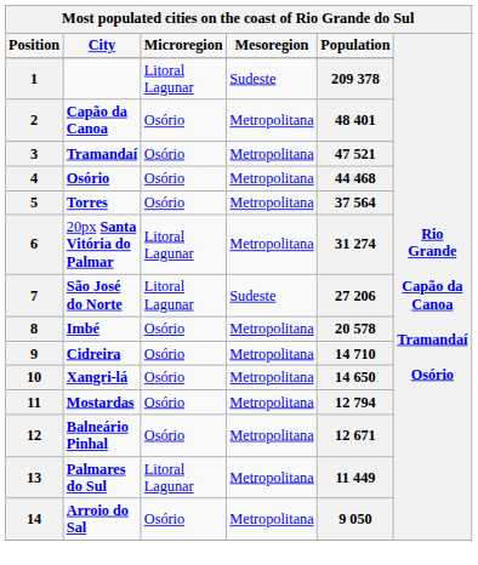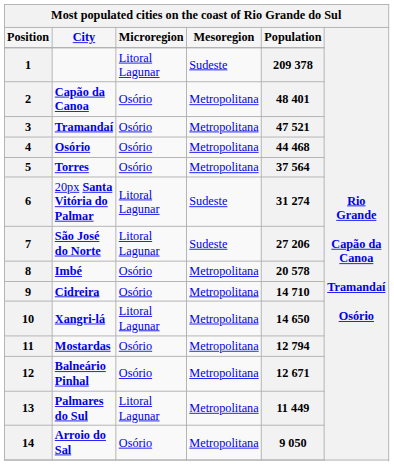 <table class="wikitable" style="margin:1em auto; text-align:center; width:60%; font-size:90%;">
 <tr>
 <th colspan="12" style="padding:0.3em 0; line-height:1.2em;">Most populated cities on the coast of Rio Grande do Sul</th>
 </tr>
 <tr>
 <th align=center style="background:#f5f5f5;">Position</th>
 <th align=center style="background:#f5f5f5;"><a href='#'>City</a></th>
 <th align=center style="background:#f5f5f5;">Microregion</th>
 <th align=center style="background:#f5f5f5;">Mesoregion</th>
 <th align=center style="background:#f5f5f5;">Population</th>
 <th rowspan=20><br><br><a href='#'>Rio Grande</a><br><br><a href='#'>Capão da Canoa</a><br><br><a href='#'>Tramandaí</a><br><br><a href='#'>Osório</a></th>
 </tr>
 <tr>
 </tr>
 <tr>
 <th>1</th>
 <td align=left><strong></strong></td>
 <td align=left><a href='#'>Litoral Lagunar</a></td>
 <td align=left><a href='#'>Sudeste</a></td>
 <th>209 378</th>
 </tr>
 <tr>
 <th>2</th>
 <td align=left> <strong><a href='#'>Capão da Canoa</a></strong></td>
 <td align=left><a href='#'>Osório</a></td>
 <td align=left><a href='#'>Metropolitana</a></td>
 <th>48 401</th>
 </tr>
 <tr>
 <th>3</th>
 <td align=left> <strong><a href='#'>Tramandaí</a></strong></td>
 <td align=left><a href='#'>Osório</a></td>
 <td align=left><a href='#'>Metropolitana</a></td>
 <th>47 521</th>
 </tr>
 <tr>
 <th>4</th>
 <td align=left> <strong><a href='#'>Osório</a></strong></td>
 <td align=left><a href='#'>Osório</a></td>
 <td align=left><a href='#'>Metropolitana</a></td>
 <th>44 468</th>
 </tr>
 <tr>
 <th>5</th>
 <td align=left> <strong><a href='#'>Torres</a></strong></td>
 <td align=left><a href='#'>Osório</a></td>
 <td align=left><a href='#'>Metropolitana</a></td>
 <th>37 564</th>
 </tr>
 <tr>
 <th>6</th>
 <td align=left><a href='#'>20px</a> <strong><a href='#'>Santa Vitória do Palmar</a></strong></td>
 <td align=left><a href='#'>Litoral Lagunar</a></td>
-<td align=left><a href='#'>Metropolitana</a></td>
+<td align=left><a href='#'>Sudeste</a></td>
 <th>31 274</th>
 </tr>
 <tr>
 <th>7</th>
 <td align=left> <strong><a href='#'>São José do Norte</a></strong></td>
 <td align=left><a href='#'>Litoral Lagunar</a></td>
 <td align=left><a href='#'>Sudeste</a></td>
 <th>27 206</th>
 </tr>
 <tr>
 <th>8</th>
 <td align=left> <strong><a href='#'>Imbé</a></strong></td>
 <td align=left><a href='#'>Osório</a></td>
 <td align=left><a href='#'>Metropolitana</a></td>
 <th>20 578</th>
 </tr>
 <tr>
 <th>9</th>
 <td align=left><strong><a href='#'>Cidreira</a></strong></td>
 <td align=left><a href='#'>Osório</a></td>
 <td align=left><a href='#'>Metropolitana</a></td>
 <th>14 710</th>
 </tr>
 <tr>
 <th>10</th>
 <td align=left> <strong><a href='#'>Xangri-lá</a></strong></td>
-<td align=left><a href='#'>Osório</a></td>
+<td align=left><a href='#'>Litoral Lagunar</a></td>
 <td align=left><a href='#'>Metropolitana</a></td>
 <th>14 650</th>
 </tr>
 <tr>
 <th>11</th>
 <td align=left> <strong><a href='#'>Mostardas</a></strong></td>
 <td align=left><a href='#'>Osório</a></td>
 <td align=left><a href='#'>Metropolitana</a></td>
 <th>12 794</th>
 </tr>
 <tr>
 <th>12</th>
 <td align=left><strong><a href='#'>Balneário Pinhal</a></strong></td>
 <td align=left><a href='#'>Osório</a></td>
 <td align=left><a href='#'>Metropolitana</a></td>
 <th>12 671</th>
 </tr>
 <tr>
 <th>13</th>
 <td align=left> <strong><a href='#'>Palmares do Sul</a></strong></td>
 <td align=left><a href='#'>Litoral Lagunar</a></td>
 <td align=left><a href='#'>Metropolitana</a></td>
 <th>11 449</th>
 </tr>
 <tr>
 <th>14</th>
 <td align=left> <strong><a href='#'>Arroio do Sal</a></strong></td>
 <td align=left><a href='#'>Osório</a></td>
 <td align=left><a href='#'>Metropolitana</a></td>
 <th>9 050</th>
 </tr>
 <tr>
 </tr>
 </table>
